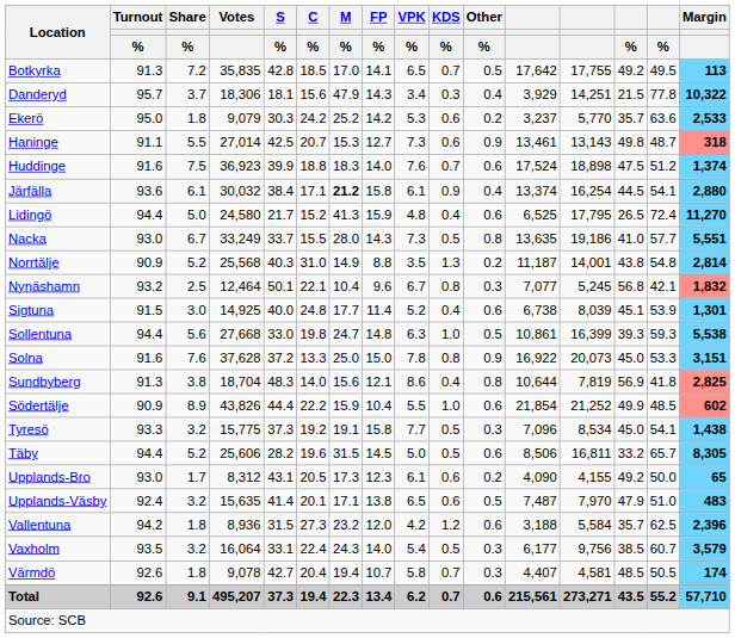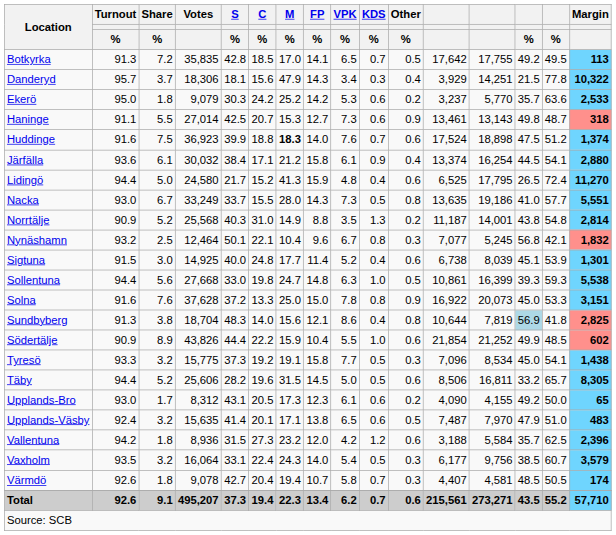 <table class="wikitable sortable" style="text-align:right; font-size:95%; line-height:20px;">
 <tr>
 <th rowspan="3">Location</th>
 <th>Turnout</th>
 <th>Share</th>
 <th>Votes</th>
 <th width="30px" class="unsortable"><a href='#'>S</a></th>
 <th width="30px" class="unsortable"><a href='#'>C</a></th>
 <th width="30px" class="unsortable"><a href='#'>M</a></th>
 <th width="30px" class="unsortable"><a href='#'>FP</a></th>
 <th width="30px" class="unsortable"><a href='#'>VPK</a></th>
 <th width="30px" class="unsortable"><a href='#'>KDS</a></th>
 <th width="30px" class="unsortable">Other</th>
 <th></th>
 <th></th>
 <th></th>
 <th></th>
 <th>Margin</th>
 </tr>
 <tr>
 <th></th>
 <th></th>
 <th></th>
 <th style="background:"></th>
 <th style="background:"></th>
 <th style="background:"></th>
 <th style="background:"></th>
 <th style="background:"></th>
 <th style="background:"></th>
 <th style="background:"></th>
 <th style="background:"></th>
 <th style="background:"></th>
 <th style="background:"></th>
 <th style="background:"></th>
 <th></th>
 </tr>
 <tr>
 <th data-sort-type="number">%</th>
 <th data-sort-type="number">%</th>
 <th></th>
 <th data-sort-type="number">%</th>
 <th data-sort-type="number">%</th>
 <th data-sort-type="number">%</th>
 <th data-sort-type="number">%</th>
 <th data-sort-type="number">%</th>
 <th data-sort-type="number">%</th>
 <th data-sort-type="number">%</th>
 <th data-sort-type="number"></th>
 <th data-sort-type="number"></th>
 <th data-sort-type="number">%</th>
 <th data-sort-type="number">%</th>
 <th data-sort-type="number"></th>
 </tr>
 <tr>
 <td align=left><a href='#'>Botkyrka</a></td>
 <td>91.3</td>
 <td>7.2</td>
 <td>35,835</td>
 <td>42.8</td>
 <td>18.5</td>
 <td>17.0</td>
 <td>14.1</td>
 <td>6.5</td>
 <td>0.7</td>
 <td>0.5</td>
 <td>17,642</td>
 <td>17,755</td>
 <td>49.2</td>
 <td>49.5</td>
 <td bgcolor=#6fd5fe><strong>113</strong></td>
 </tr>
 <tr>
 <td align=left><a href='#'>Danderyd</a></td>
 <td>95.7</td>
 <td>3.7</td>
 <td>18,306</td>
 <td>18.1</td>
 <td>15.6</td>
 <td>47.9</td>
 <td>14.3</td>
 <td>3.4</td>
 <td>0.3</td>
 <td>0.4</td>
 <td>3,929</td>
 <td>14,251</td>
 <td>21.5</td>
 <td>77.8</td>
 <td bgcolor=#6fd5fe><strong>10,322</strong></td>
 </tr>
 <tr>
 <td align=left><a href='#'>Ekerö</a></td>
 <td>95.0</td>
 <td>1.8</td>
 <td>9,079</td>
 <td>30.3</td>
 <td>24.2</td>
 <td>25.2</td>
 <td>14.2</td>
 <td>5.3</td>
 <td>0.6</td>
 <td>0.2</td>
 <td>3,237</td>
 <td>5,770</td>
 <td>35.7</td>
 <td>63.6</td>
 <td bgcolor=#6fd5fe><strong>2,533</strong></td>
 </tr>
 <tr>
 <td align=left><a href='#'>Haninge</a></td>
 <td>91.1</td>
 <td>5.5</td>
 <td>27,014</td>
 <td>42.5</td>
 <td>20.7</td>
 <td>15.3</td>
 <td>12.7</td>
 <td>7.3</td>
 <td>0.6</td>
 <td>0.9</td>
 <td>13,461</td>
 <td>13,143</td>
 <td>49.8</td>
 <td>48.7</td>
 <td bgcolor=#ff908c><strong>318</strong></td>
 </tr>
 <tr>
 <td align=left><a href='#'>Huddinge</a></td>
 <td>91.6</td>
 <td>7.5</td>
 <td>36,923</td>
 <td>39.9</td>
 <td>18.8</td>
-<td>18.3</td>
+<td><strong>18.3</strong></td>
 <td>14.0</td>
 <td>7.6</td>
 <td>0.7</td>
 <td>0.6</td>
 <td>17,524</td>
 <td>18,898</td>
 <td>47.5</td>
 <td>51.2</td>
 <td bgcolor=#6fd5fe><strong>1,374</strong></td>
 </tr>
 <tr>
 <td align=left><a href='#'>Järfälla</a></td>
 <td>93.6</td>
 <td>6.1</td>
 <td>30,032</td>
 <td>38.4</td>
 <td>17.1</td>
-<td><strong>21.2</strong></td>
+<td>21.2</td>
 <td>15.8</td>
 <td>6.1</td>
 <td>0.9</td>
 <td>0.4</td>
 <td>13,374</td>
 <td>16,254</td>
 <td>44.5</td>
 <td>54.1</td>
 <td bgcolor=#6fd5fe><strong>2,880</strong></td>
 </tr>
 <tr>
 <td align=left><a href='#'>Lidingö</a></td>
 <td>94.4</td>
 <td>5.0</td>
 <td>24,580</td>
 <td>21.7</td>
 <td>15.2</td>
 <td>41.3</td>
 <td>15.9</td>
 <td>4.8</td>
 <td>0.4</td>
 <td>0.6</td>
 <td>6,525</td>
 <td>17,795</td>
 <td>26.5</td>
 <td>72.4</td>
 <td bgcolor=#6fd5fe><strong>11,270</strong></td>
 </tr>
 <tr>
 <td align=left><a href='#'>Nacka</a></td>
 <td>93.0</td>
 <td>6.7</td>
 <td>33,249</td>
 <td>33.7</td>
 <td>15.5</td>
 <td>28.0</td>
 <td>14.3</td>
 <td>7.3</td>
 <td>0.5</td>
 <td>0.8</td>
 <td>13,635</td>
 <td>19,186</td>
 <td>41.0</td>
 <td>57.7</td>
 <td bgcolor=#6fd5fe><strong>5,551</strong></td>
 </tr>
 <tr>
 <td align=left><a href='#'>Norrtälje</a></td>
 <td>90.9</td>
 <td>5.2</td>
 <td>25,568</td>
 <td>40.3</td>
 <td>31.0</td>
 <td>14.9</td>
 <td>8.8</td>
 <td>3.5</td>
 <td>1.3</td>
 <td>0.2</td>
 <td>11,187</td>
 <td>14,001</td>
 <td>43.8</td>
 <td>54.8</td>
 <td bgcolor=#6fd5fe><strong>2,814</strong></td>
 </tr>
 <tr>
 <td align=left><a href='#'>Nynäshamn</a></td>
 <td>93.2</td>
 <td>2.5</td>
 <td>12,464</td>
 <td>50.1</td>
 <td>22.1</td>
 <td>10.4</td>
 <td>9.6</td>
 <td>6.7</td>
 <td>0.8</td>
 <td>0.3</td>
 <td>7,077</td>
 <td>5,245</td>
 <td>56.8</td>
 <td>42.1</td>
 <td bgcolor=#ff908c><strong>1,832</strong></td>
 </tr>
 <tr>
 <td align=left><a href='#'>Sigtuna</a></td>
 <td>91.5</td>
 <td>3.0</td>
 <td>14,925</td>
 <td>40.0</td>
 <td>24.8</td>
 <td>17.7</td>
 <td>11.4</td>
 <td>5.2</td>
 <td>0.4</td>
 <td>0.6</td>
 <td>6,738</td>
 <td>8,039</td>
 <td>45.1</td>
 <td>53.9</td>
 <td bgcolor=#6fd5fe><strong>1,301</strong></td>
 </tr>
 <tr>
 <td align=left><a href='#'>Sollentuna</a></td>
 <td>94.4</td>
 <td>5.6</td>
 <td>27,668</td>
 <td>33.0</td>
 <td>19.8</td>
 <td>24.7</td>
 <td>14.8</td>
 <td>6.3</td>
 <td>1.0</td>
 <td>0.5</td>
 <td>10,861</td>
 <td>16,399</td>
 <td>39.3</td>
 <td>59.3</td>
 <td bgcolor=#6fd5fe><strong>5,538</strong></td>
 </tr>
 <tr>
 <td align=left><a href='#'>Solna</a></td>
 <td>91.6</td>
 <td>7.6</td>
 <td>37,628</td>
 <td>37.2</td>
 <td>13.3</td>
 <td>25.0</td>
 <td>15.0</td>
 <td>7.8</td>
 <td>0.8</td>
 <td>0.9</td>
 <td>16,922</td>
 <td>20,073</td>
 <td>45.0</td>
 <td>53.3</td>
 <td bgcolor=#6fd5fe><strong>3,151</strong></td>
 </tr>
 <tr>
 <td align=left><a href='#'>Sundbyberg</a></td>
 <td>91.3</td>
 <td>3.8</td>
 <td>18,704</td>
 <td>48.3</td>
 <td>14.0</td>
 <td>15.6</td>
 <td>12.1</td>
 <td>8.6</td>
 <td>0.4</td>
 <td>0.8</td>
 <td>10,644</td>
 <td>7,819</td>
-<td>56.9</td>
+<td style="background: lightblue;">56.9</td>
 <td>41.8</td>
 <td bgcolor=#ff908c><strong>2,825</strong></td>
 </tr>
 <tr>
 <td align=left><a href='#'>Södertälje</a></td>
 <td>90.9</td>
 <td>8.9</td>
 <td>43,826</td>
 <td>44.4</td>
 <td>22.2</td>
 <td>15.9</td>
 <td>10.4</td>
 <td>5.5</td>
 <td>1.0</td>
 <td>0.6</td>
 <td>21,854</td>
 <td>21,252</td>
 <td>49.9</td>
 <td>48.5</td>
 <td bgcolor=#ff908c><strong>602</strong></td>
 </tr>
 <tr>
 <td align=left><a href='#'>Tyresö</a></td>
 <td>93.3</td>
 <td>3.2</td>
 <td>15,775</td>
 <td>37.3</td>
 <td>19.2</td>
 <td>19.1</td>
 <td>15.8</td>
 <td>7.7</td>
 <td>0.5</td>
 <td>0.3</td>
 <td>7,096</td>
 <td>8,534</td>
 <td>45.0</td>
 <td>54.1</td>
 <td bgcolor=#6fd5fe><strong>1,438</strong></td>
 </tr>
 <tr>
 <td align=left><a href='#'>Täby</a></td>
 <td>94.4</td>
 <td>5.2</td>
 <td>25,606</td>
 <td>28.2</td>
 <td>19.6</td>
 <td>31.5</td>
 <td>14.5</td>
 <td>5.0</td>
 <td>0.5</td>
 <td>0.6</td>
 <td>8,506</td>
 <td>16,811</td>
 <td>33.2</td>
 <td>65.7</td>
 <td bgcolor=#6fd5fe><strong>8,305</strong></td>
 </tr>
 <tr>
 <td align=left><a href='#'>Upplands-Bro</a></td>
 <td>93.0</td>
 <td>1.7</td>
 <td>8,312</td>
 <td>43.1</td>
 <td>20.5</td>
 <td>17.3</td>
 <td>12.3</td>
 <td>6.1</td>
 <td>0.6</td>
 <td>0.2</td>
 <td>4,090</td>
 <td>4,155</td>
 <td>49.2</td>
 <td>50.0</td>
 <td bgcolor=#6fd5fe><strong>65</strong></td>
 </tr>
 <tr>
 <td align=left><a href='#'>Upplands-Väsby</a></td>
 <td>92.4</td>
 <td>3.2</td>
 <td>15,635</td>
 <td>41.4</td>
 <td>20.1</td>
 <td>17.1</td>
 <td>13.8</td>
 <td>6.5</td>
 <td>0.6</td>
 <td>0.5</td>
 <td>7,487</td>
 <td>7,970</td>
 <td>47.9</td>
 <td>51.0</td>
 <td bgcolor=#6fd5fe><strong>483</strong></td>
 </tr>
 <tr>
 <td align=left><a href='#'>Vallentuna</a></td>
 <td>94.2</td>
 <td>1.8</td>
 <td>8,936</td>
 <td>31.5</td>
 <td>27.3</td>
 <td>23.2</td>
 <td>12.0</td>
 <td>4.2</td>
 <td>1.2</td>
 <td>0.6</td>
 <td>3,188</td>
 <td>5,584</td>
 <td>35.7</td>
 <td>62.5</td>
 <td bgcolor=#6fd5fe><strong>2,396</strong></td>
 </tr>
 <tr>
 <td align=left><a href='#'>Vaxholm</a></td>
 <td>93.5</td>
 <td>3.2</td>
 <td>16,064</td>
 <td>33.1</td>
 <td>22.4</td>
 <td>24.3</td>
 <td>14.0</td>
 <td>5.4</td>
 <td>0.5</td>
 <td>0.3</td>
 <td>6,177</td>
 <td>9,756</td>
 <td>38.5</td>
 <td>60.7</td>
 <td bgcolor=#6fd5fe><strong>3,579</strong></td>
 </tr>
 <tr>
 <td align=left><a href='#'>Värmdö</a></td>
 <td>92.6</td>
 <td>1.8</td>
 <td>9,078</td>
 <td>42.7</td>
 <td>20.4</td>
 <td>19.4</td>
 <td>10.7</td>
 <td>5.8</td>
 <td>0.7</td>
 <td>0.3</td>
 <td>4,407</td>
 <td>4,581</td>
 <td>48.5</td>
 <td>50.5</td>
 <td bgcolor=#6fd5fe><strong>174</strong></td>
 </tr>
 <tr>
 </tr>
 <tr style="background:#CDCDCD;">
 <td align=left><strong>Total</strong></td>
 <td><strong>92.6</strong></td>
 <td><strong>9.1</strong></td>
 <td><strong>495,207</strong></td>
 <td><strong>37.3</strong></td>
 <td><strong>19.4</strong></td>
 <td><strong>22.3</strong></td>
 <td><strong>13.4</strong></td>
 <td><strong>6.2</strong></td>
 <td><strong>0.7</strong></td>
 <td><strong>0.6</strong></td>
 <td><strong>215,561</strong></td>
 <td><strong>273,271</strong></td>
 <td><strong>43.5</strong></td>
 <td><strong>55.2</strong></td>
 <td bgcolor=#6fd5fe><strong>57,710</strong></td>
 </tr>
 <tr>
 <td align=left colspan=16>Source: SCB </td>
 </tr>
 </table>
